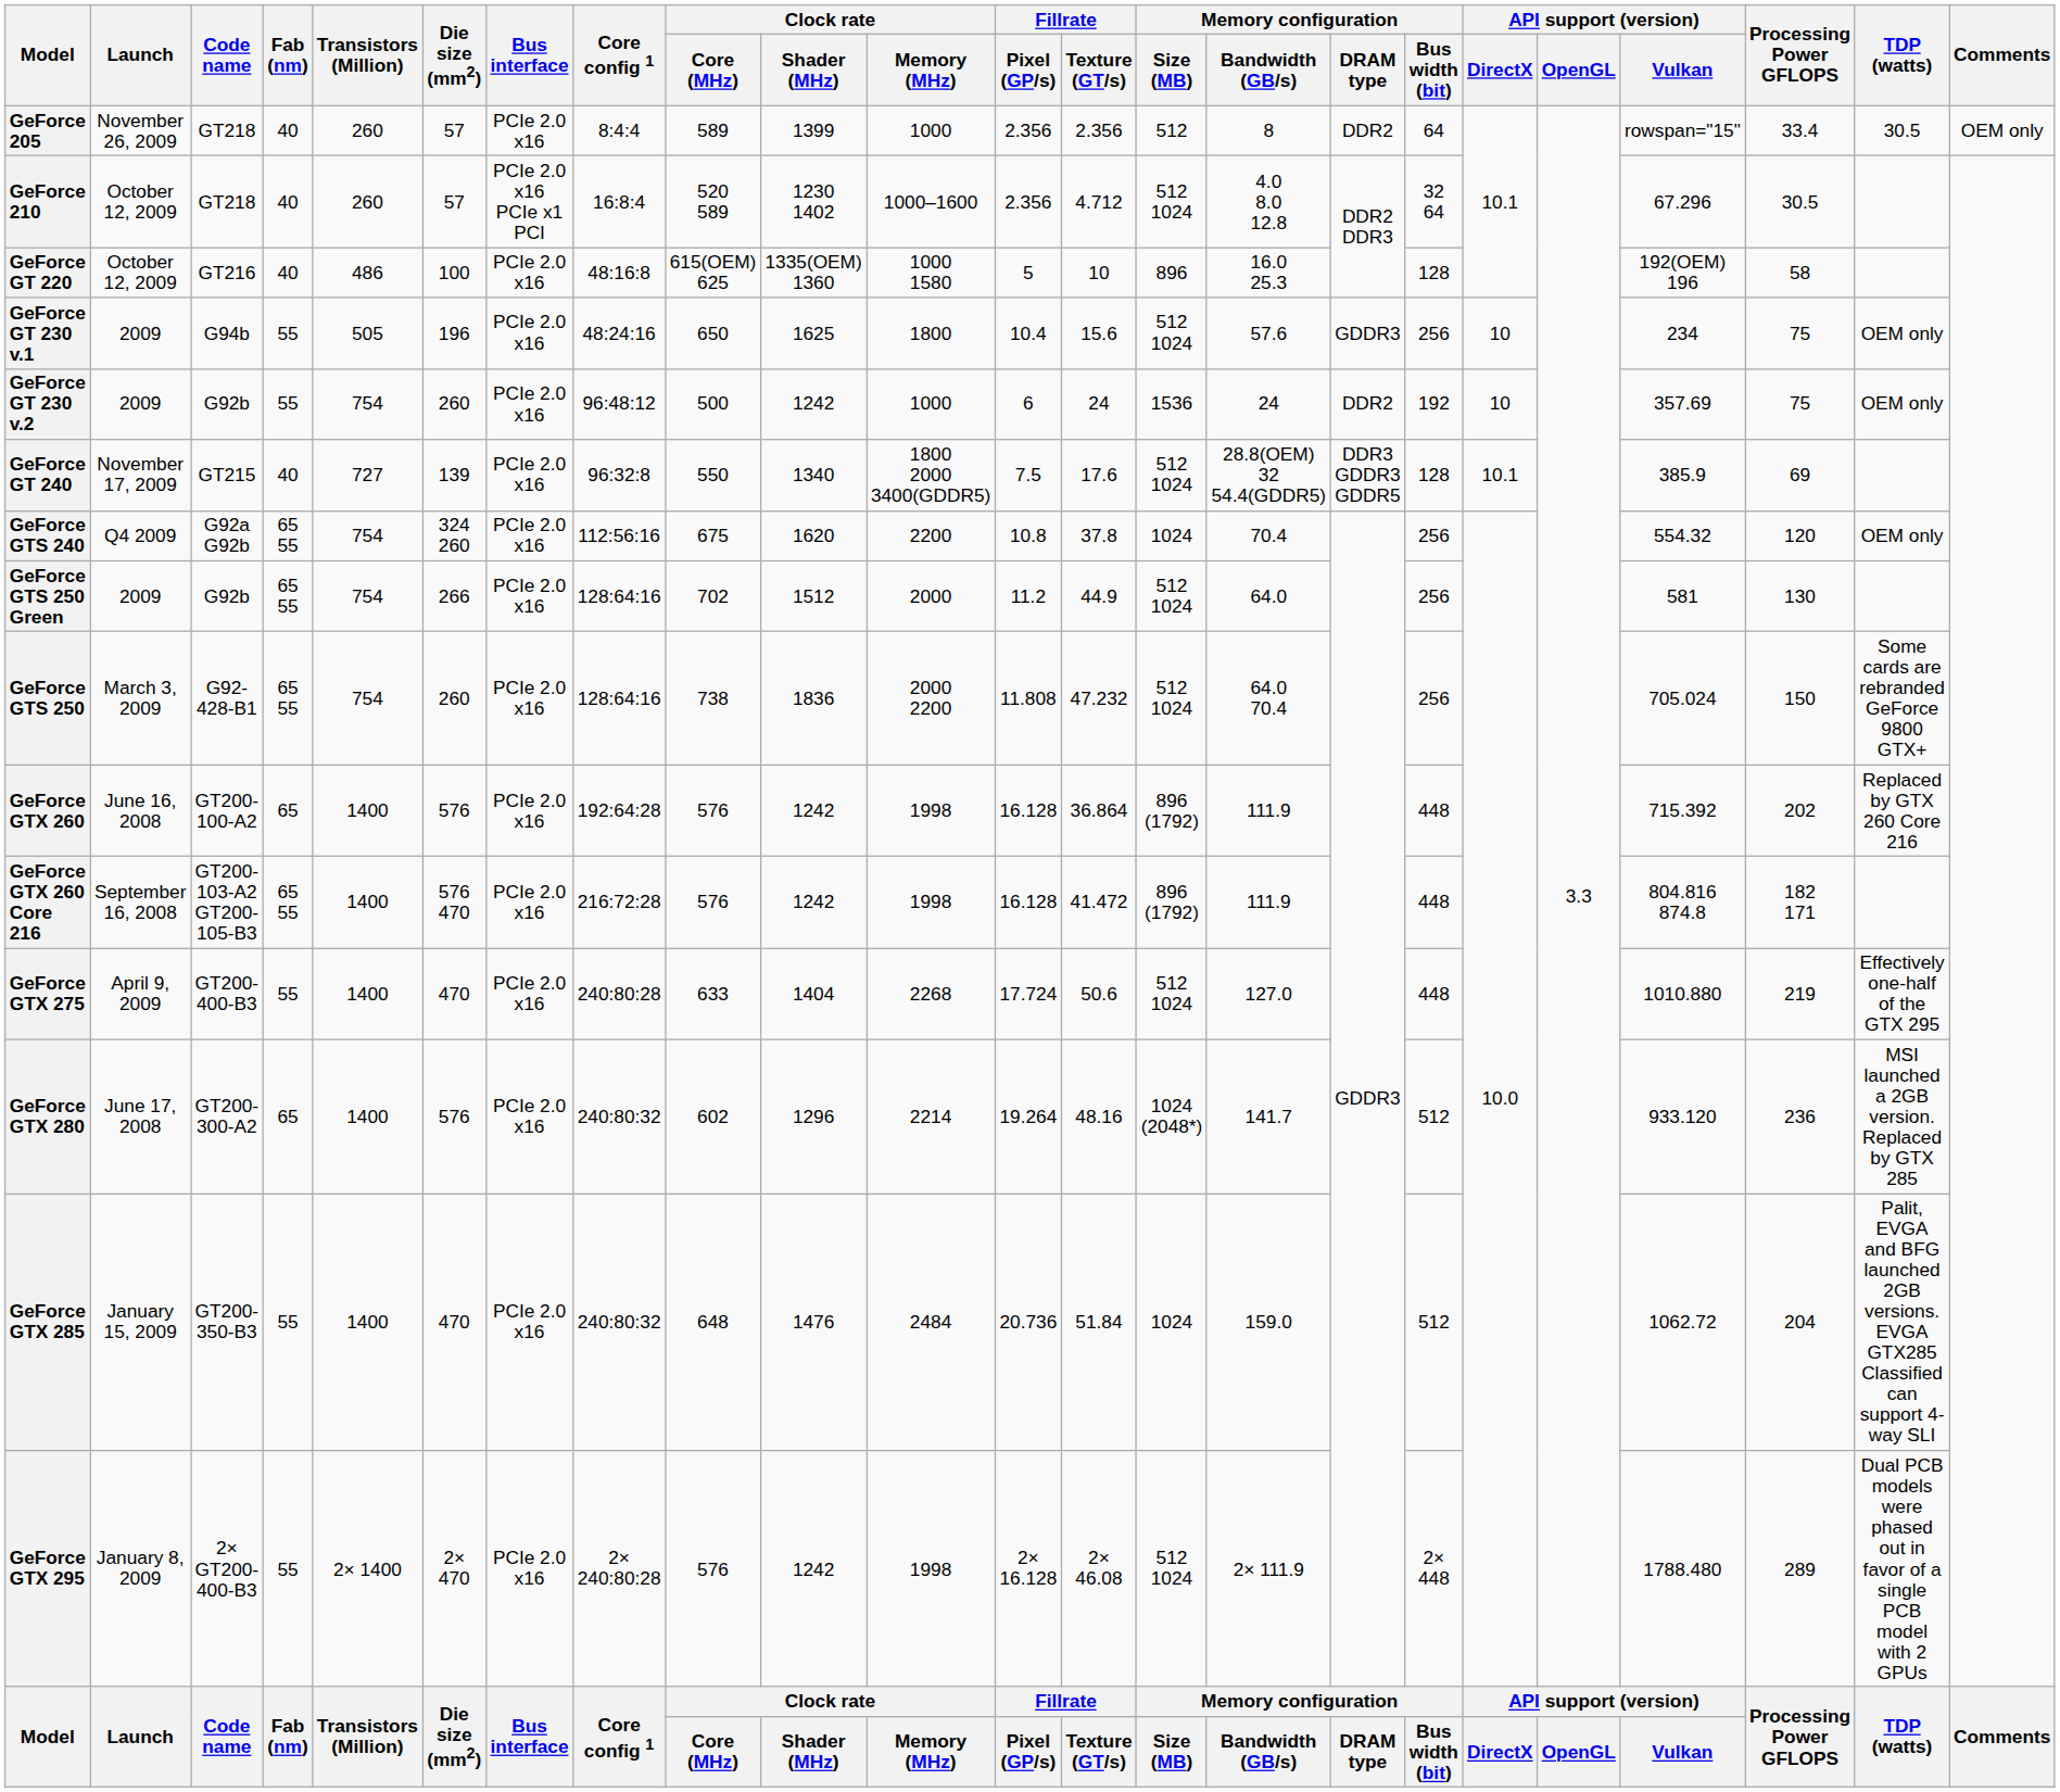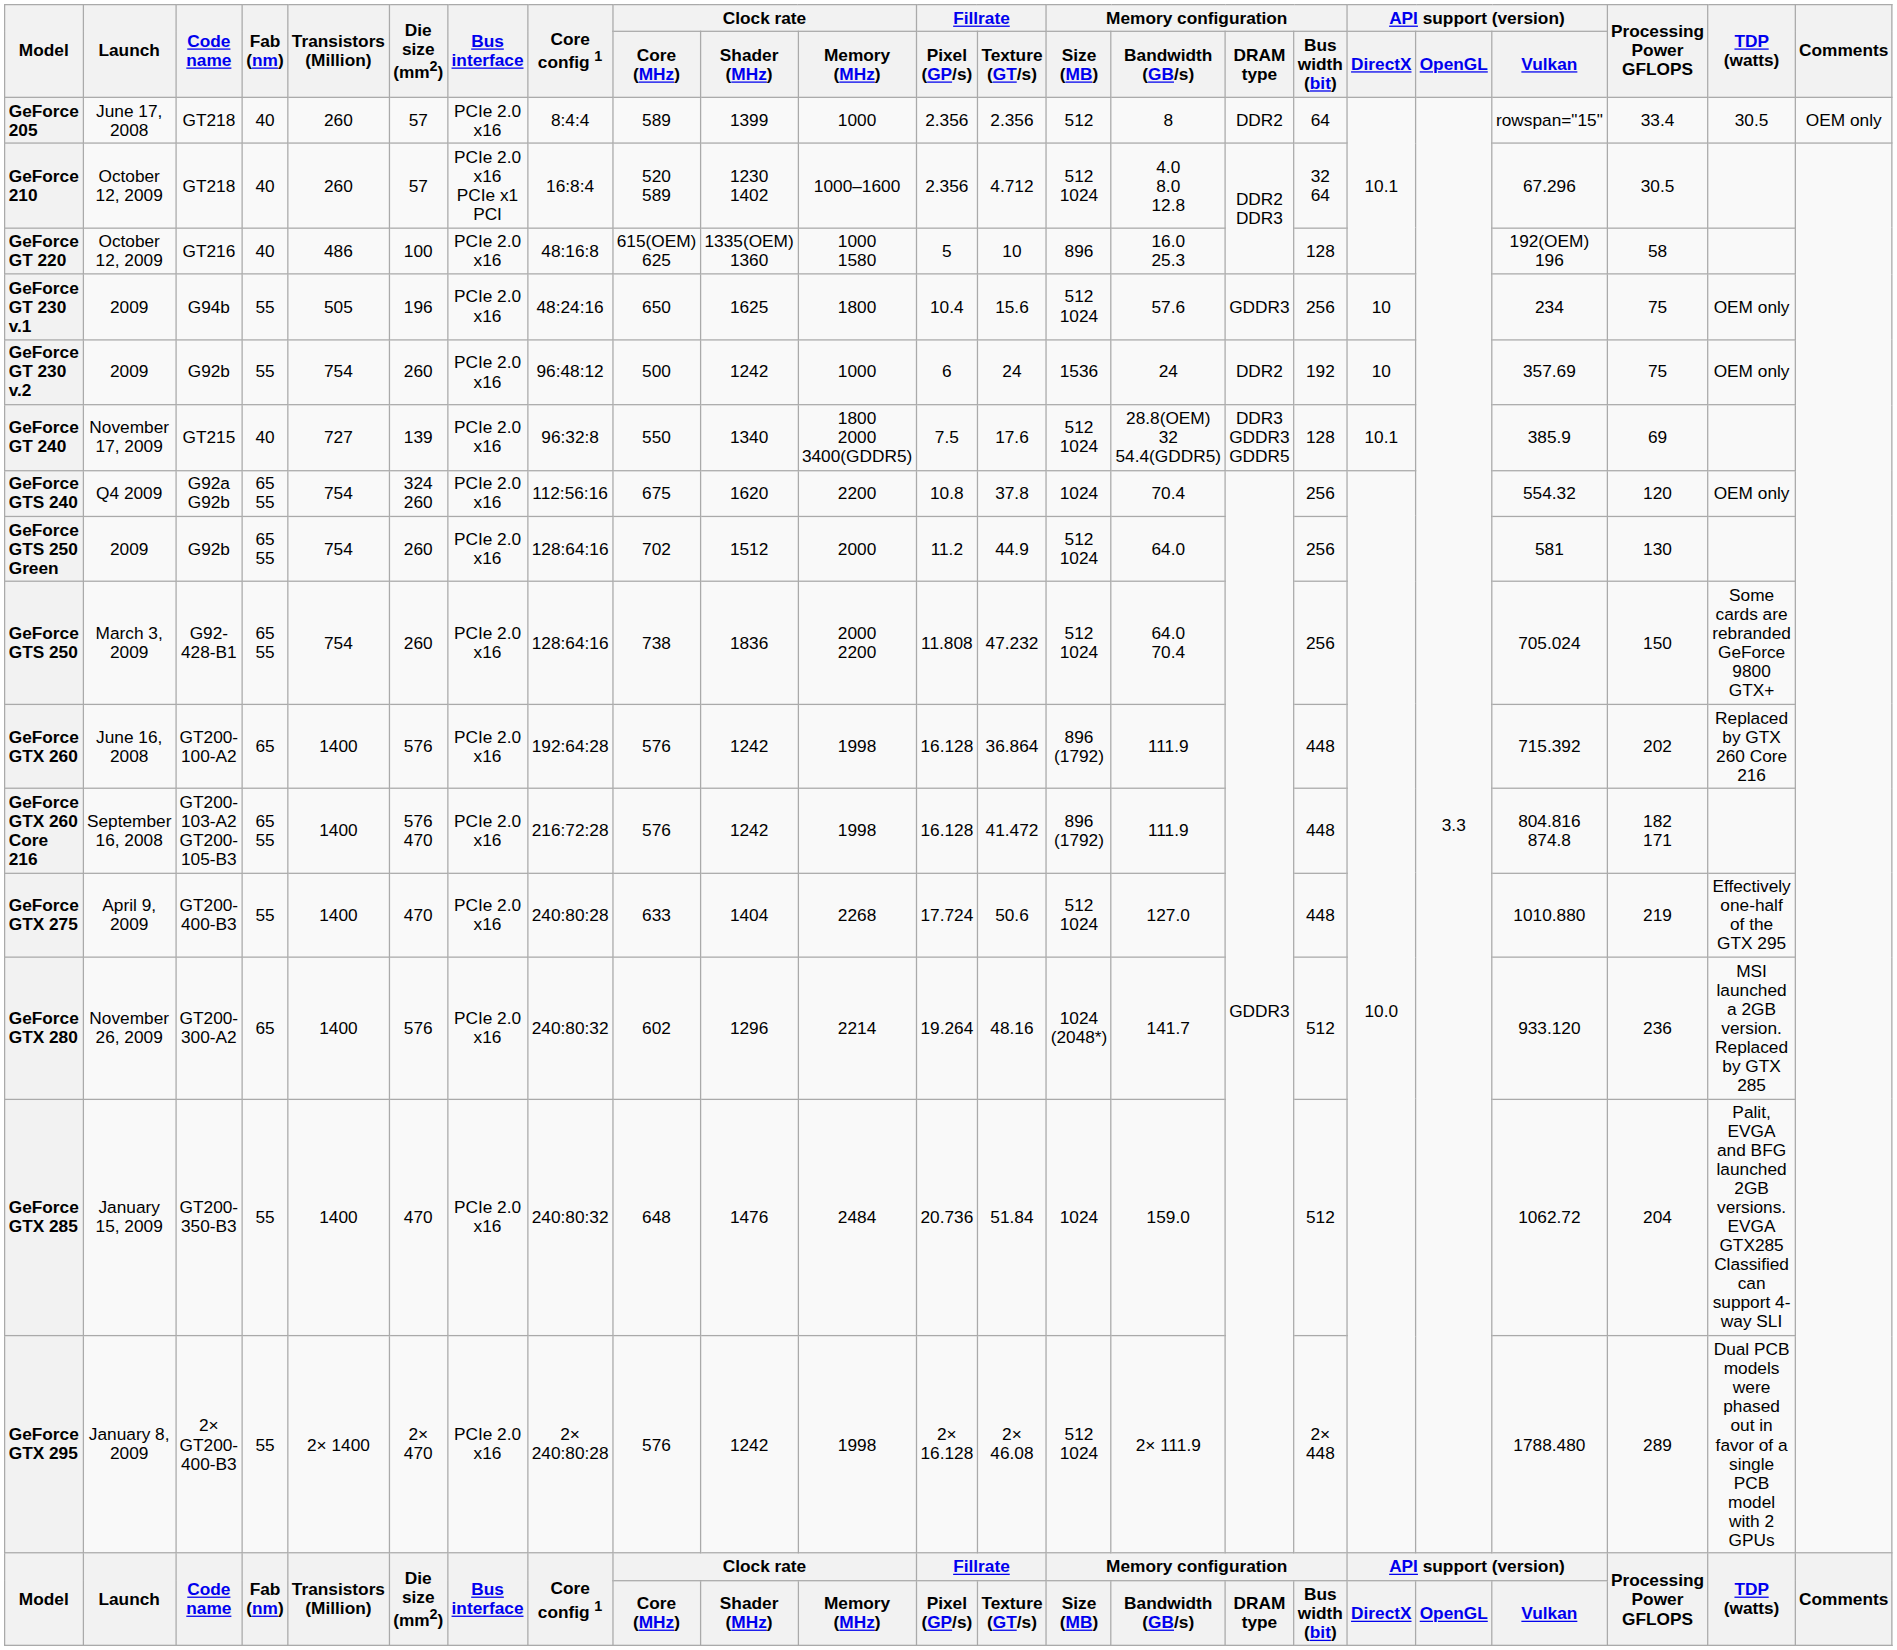 <table class="wikitable sortable sort-under mw-datatable" style="font-size: 85%; text-align: center;">
 <tr>
 <th rowspan=2>Model</th>
 <th rowspan=2>Launch</th>
 <th rowspan=2><a href='#'>Code name</a></th>
 <th rowspan=2>Fab (<a href='#'>nm</a>)</th>
 <th rowspan=2>Transistors (Million)</th>
 <th rowspan=2>Die size (mm<sup>2</sup>)</th>
 <th rowspan=2><a href='#'>Bus</a> <a href='#'>interface</a></th>
 <th rowspan=2>Core config <sup>1</sup></th>
 <th colspan=3>Clock rate</th>
 <th colspan=2><a href='#'>Fillrate</a></th>
 <th colspan=4>Memory configuration</th>
 <th colspan=3><a href='#'>API</a> support (version)</th>
 <th rowspan=2>Processing Power GFLOPS</th>
 <th rowspan=2><a href='#'>TDP</a> (watts)</th>
 <th rowspan=2>Comments</th>
 </tr>
 <tr>
 <th>Core (<a href='#'>MHz</a>)</th>
 <th>Shader (<a href='#'>MHz</a>)</th>
 <th>Memory (<a href='#'>MHz</a>)</th>
 <th>Pixel (<a href='#'>GP</a>/s)</th>
 <th>Texture (<a href='#'>GT</a>/s)</th>
 <th>Size (<a href='#'>MB</a>)</th>
 <th>Bandwidth (<a href='#'>GB</a>/s)</th>
 <th>DRAM type</th>
 <th>Bus width (<a href='#'>bit</a>)</th>
 <th><a href='#'>DirectX</a></th>
 <th><a href='#'>OpenGL</a></th>
 <th><a href='#'>Vulkan</a></th>
 </tr>
 <tr>
 <th style="text-align:left;">GeForce 205</th>
-<td>November 26, 2009</td>
+<td>June 17, 2008</td>
 <td>GT218</td>
 <td>40</td>
 <td>260</td>
 <td>57</td>
 <td>PCIe 2.0 x16</td>
 <td>8:4:4</td>
 <td>589</td>
 <td>1399</td>
 <td>1000</td>
 <td>2.356</td>
 <td>2.356</td>
 <td>512</td>
 <td>8</td>
 <td>DDR2</td>
 <td>64</td>
 <td rowspan="3">10.1</td>
 <td rowspan="15">3.3</td>
 <td>rowspan="15" </td>
 <td>33.4</td>
 <td>30.5</td>
 <td>OEM only</td>
 </tr>
 <tr>
 <th style="text-align:left;">GeForce 210</th>
 <td>October 12, 2009</td>
 <td>GT218</td>
 <td>40</td>
 <td>260</td>
 <td>57</td>
 <td>PCIe 2.0 x16<br>PCIe x1<br>PCI</td>
 <td>16:8:4</td>
 <td>520<br>589</td>
 <td>1230<br>1402</td>
 <td>1000–1600</td>
 <td>2.356</td>
 <td>4.712</td>
 <td>512<br>1024</td>
 <td>4.0<br>8.0<br>12.8</td>
 <td rowspan="2">DDR2<br>DDR3</td>
 <td>32<br>64</td>
 <td>67.296</td>
 <td>30.5</td>
 <td></td>
 </tr>
 <tr>
 <th style="text-align:left;">GeForce GT 220</th>
 <td>October 12, 2009</td>
 <td>GT216</td>
 <td>40</td>
 <td>486</td>
 <td>100</td>
 <td>PCIe 2.0 x16</td>
 <td>48:16:8</td>
 <td>615(OEM)<br>625</td>
 <td>1335(OEM)<br>1360</td>
 <td>1000<br>1580</td>
 <td>5</td>
 <td>10</td>
 <td>896</td>
 <td>16.0<br>25.3</td>
 <td>128</td>
 <td>192(OEM)<br>196</td>
 <td>58</td>
 <td></td>
 </tr>
 <tr>
 <th style="text-align:left;">GeForce GT 230 v.1</th>
 <td>2009</td>
 <td>G94b</td>
 <td>55</td>
 <td>505</td>
 <td>196</td>
 <td>PCIe 2.0 x16</td>
 <td>48:24:16</td>
 <td>650</td>
 <td>1625</td>
 <td>1800</td>
 <td>10.4</td>
 <td>15.6</td>
 <td>512<br>1024</td>
 <td>57.6</td>
 <td>GDDR3</td>
 <td>256</td>
 <td>10</td>
 <td>234</td>
 <td>75</td>
 <td>OEM only</td>
 </tr>
 <tr>
 <th style="text-align:left;">GeForce GT 230 v.2</th>
 <td>2009</td>
 <td>G92b</td>
 <td>55</td>
 <td>754</td>
 <td>260</td>
 <td>PCIe 2.0 x16</td>
 <td>96:48:12</td>
 <td>500</td>
 <td>1242</td>
 <td>1000</td>
 <td>6</td>
 <td>24</td>
 <td>1536</td>
 <td>24</td>
 <td>DDR2</td>
 <td>192</td>
 <td>10</td>
 <td>357.69</td>
 <td>75</td>
 <td>OEM only</td>
 </tr>
 <tr>
 <th style="text-align:left;">GeForce GT 240</th>
 <td>November 17, 2009</td>
 <td>GT215</td>
 <td>40</td>
 <td>727</td>
 <td>139</td>
 <td>PCIe 2.0 x16</td>
 <td>96:32:8</td>
 <td>550</td>
 <td>1340</td>
 <td>1800<br>2000<br>3400(GDDR5)</td>
 <td>7.5</td>
 <td>17.6</td>
 <td>512<br>1024</td>
 <td>28.8(OEM)<br>32<br>54.4(GDDR5)</td>
 <td>DDR3<br>GDDR3<br>GDDR5</td>
 <td>128</td>
 <td>10.1</td>
 <td>385.9</td>
 <td>69</td>
 <td></td>
 </tr>
 <tr>
 <th style="text-align:left;">GeForce GTS 240</th>
 <td>Q4 2009</td>
 <td>G92a<br>G92b</td>
 <td>65<br>55</td>
 <td>754</td>
 <td>324<br>260</td>
 <td>PCIe 2.0 x16</td>
 <td>112:56:16</td>
 <td>675</td>
 <td>1620</td>
 <td>2200</td>
 <td>10.8</td>
 <td>37.8</td>
 <td>1024</td>
 <td>70.4</td>
 <td rowspan="9">GDDR3</td>
 <td>256</td>
 <td rowspan="9">10.0</td>
 <td>554.32</td>
 <td>120</td>
 <td>OEM only</td>
 </tr>
 <tr>
 <th style="text-align:left;">GeForce GTS 250 Green</th>
 <td>2009</td>
 <td>G92b</td>
 <td>65<br>55</td>
 <td>754</td>
-<td>266</td>
+<td>260</td>
 <td>PCIe 2.0 x16</td>
 <td>128:64:16</td>
 <td>702</td>
 <td>1512</td>
 <td>2000</td>
 <td>11.2</td>
 <td>44.9</td>
 <td>512<br>1024</td>
 <td>64.0</td>
 <td>256</td>
 <td>581</td>
 <td>130</td>
 <td></td>
 </tr>
 <tr>
 <th style="text-align:left;">GeForce GTS 250</th>
 <td>March 3, 2009</td>
 <td>G92-428-B1</td>
 <td>65<br>55</td>
 <td>754</td>
 <td>260</td>
 <td>PCIe 2.0 x16</td>
 <td>128:64:16</td>
 <td>738</td>
 <td>1836</td>
 <td>2000<br>2200</td>
 <td>11.808</td>
 <td>47.232</td>
 <td>512<br>1024</td>
 <td>64.0<br>70.4</td>
 <td>256</td>
 <td>705.024</td>
 <td>150</td>
 <td>Some cards are rebranded GeForce 9800 GTX+</td>
 </tr>
 <tr>
 <th style="text-align:left;">GeForce GTX 260</th>
 <td>June 16, 2008</td>
 <td>GT200-100-A2</td>
 <td>65</td>
 <td>1400</td>
 <td>576</td>
 <td>PCIe 2.0 x16</td>
 <td>192:64:28</td>
 <td>576</td>
 <td>1242</td>
 <td>1998</td>
 <td>16.128</td>
 <td>36.864</td>
 <td>896 (1792)</td>
 <td>111.9</td>
 <td>448</td>
 <td>715.392</td>
 <td>202</td>
 <td>Replaced by GTX 260 Core 216</td>
 </tr>
 <tr>
 <th style="text-align:left;">GeForce GTX 260 Core 216</th>
 <td>September 16, 2008</td>
 <td>GT200-103-A2<br>GT200-105-B3</td>
 <td>65<br>55</td>
 <td>1400</td>
 <td>576<br>470</td>
 <td>PCIe 2.0 x16</td>
 <td>216:72:28</td>
 <td>576</td>
 <td>1242</td>
 <td>1998</td>
 <td>16.128</td>
 <td>41.472</td>
 <td>896 (1792)</td>
 <td>111.9</td>
 <td>448</td>
 <td>804.816<br>874.8</td>
 <td>182<br>171</td>
 <td></td>
 </tr>
 <tr>
 <th style="text-align:left;">GeForce GTX 275</th>
 <td>April 9, 2009</td>
 <td>GT200-400-B3</td>
 <td>55</td>
 <td>1400</td>
 <td>470</td>
 <td>PCIe 2.0 x16</td>
 <td>240:80:28</td>
 <td>633</td>
 <td>1404</td>
 <td>2268</td>
 <td>17.724</td>
 <td>50.6</td>
 <td>512<br>1024</td>
 <td>127.0</td>
 <td>448</td>
 <td>1010.880</td>
 <td>219</td>
 <td>Effectively one-half of the GTX 295</td>
 </tr>
 <tr>
 <th style="text-align:left;">GeForce GTX 280</th>
-<td>June 17, 2008</td>
+<td>November 26, 2009</td>
 <td>GT200-300-A2</td>
 <td>65</td>
 <td>1400</td>
 <td>576</td>
 <td>PCIe 2.0 x16</td>
 <td>240:80:32</td>
 <td>602</td>
 <td>1296</td>
 <td>2214</td>
 <td>19.264</td>
 <td>48.16</td>
 <td>1024 (2048*)</td>
 <td>141.7</td>
 <td>512</td>
 <td>933.120</td>
 <td>236</td>
 <td>MSI launched a 2GB version. Replaced by GTX 285</td>
 </tr>
 <tr>
 <th style="text-align:left;">GeForce GTX 285</th>
 <td>January 15, 2009</td>
 <td>GT200-350-B3</td>
 <td>55</td>
 <td>1400</td>
 <td>470</td>
 <td>PCIe 2.0 x16</td>
 <td>240:80:32</td>
 <td>648</td>
 <td>1476</td>
 <td>2484</td>
 <td>20.736</td>
 <td>51.84</td>
 <td>1024</td>
 <td>159.0</td>
 <td>512</td>
 <td>1062.72</td>
 <td>204</td>
 <td>Palit, EVGA and BFG launched 2GB versions. EVGA GTX285 Classified can support 4-way SLI</td>
 </tr>
 <tr>
 <th style="text-align:left;">GeForce GTX 295</th>
 <td>January 8, 2009</td>
 <td>2× GT200-400-B3</td>
 <td>55</td>
 <td>2× 1400</td>
 <td>2× 470</td>
 <td>PCIe 2.0 x16</td>
 <td>2× 240:80:28</td>
 <td>576</td>
 <td>1242</td>
 <td>1998</td>
 <td>2× 16.128</td>
 <td>2× 46.08</td>
 <td>512<br>1024</td>
 <td>2× 111.9</td>
 <td>2× 448</td>
 <td>1788.480</td>
 <td>289</td>
 <td>Dual PCB models were phased out in favor of a single PCB model with 2 GPUs</td>
 </tr>
 <tr>
 <th rowspan="2">Model</th>
 <th rowspan="2">Launch</th>
 <th rowspan="2"><a href='#'>Code name</a></th>
 <th rowspan="2">Fab (<a href='#'>nm</a>)</th>
 <th rowspan="2">Transistors (Million)</th>
 <th rowspan="2">Die size (mm<sup>2</sup>)</th>
 <th rowspan="2"><a href='#'>Bus</a> <a href='#'>interface</a></th>
 <th rowspan="2">Core config <sup>1</sup></th>
 <th colspan="3">Clock rate</th>
 <th colspan="2"><a href='#'>Fillrate</a></th>
 <th colspan="4">Memory configuration</th>
 <th colspan="3"><a href='#'>API</a> support (version)</th>
 <th rowspan="2">Processing Power GFLOPS</th>
 <th rowspan="2"><a href='#'>TDP</a> (watts)</th>
 <th rowspan="2">Comments</th>
 </tr>
 <tr>
 <th>Core (<a href='#'>MHz</a>)</th>
 <th>Shader (<a href='#'>MHz</a>)</th>
 <th>Memory (<a href='#'>MHz</a>)</th>
 <th>Pixel (<a href='#'>GP</a>/s)</th>
 <th>Texture (<a href='#'>GT</a>/s)</th>
 <th>Size (<a href='#'>MB</a>)</th>
 <th>Bandwidth (<a href='#'>GB</a>/s)</th>
 <th>DRAM type</th>
 <th>Bus width (<a href='#'>bit</a>)</th>
 <th><a href='#'>DirectX</a></th>
 <th><a href='#'>OpenGL</a></th>
 <th><a href='#'>Vulkan</a></th>
 </tr>
 <tr>
 </tr>
 </table>
